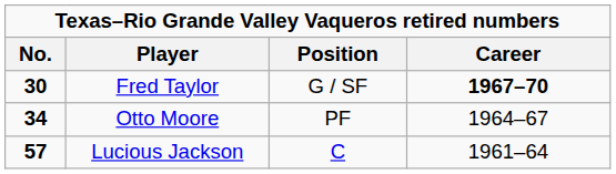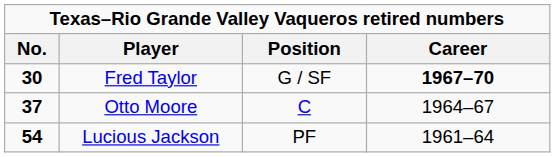 <table class="wikitable sortable" style="text-align:center">
 <tr>
 <td colspan="5"><strong>Texas–Rio Grande Valley Vaqueros retired numbers</strong></td>
 </tr>
 <tr>
 <th width=40px>No.</th>
 <th width=150px>Player</th>
 <th width=100px>Position</th>
 <th width=150px>Career</th>
 </tr>
 <tr>
 <td><strong>30</strong></td>
 <td><a href='#'>Fred Taylor</a></td>
 <td>G / SF</td>
 <td><strong>1967–70</strong></td>
 </tr>
 <tr>
-<td><strong>34</strong></td>
+<td><strong>37</strong></td>
 <td><a href='#'>Otto Moore</a></td>
-<td>PF</td>
+<td><a href='#'>C</a></td>
 <td>1964–67</td>
 </tr>
 <tr>
-<td><strong>57</strong></td>
+<td><strong>54</strong></td>
 <td><a href='#'>Lucious Jackson</a></td>
-<td><a href='#'>C</a></td>
+<td>PF</td>
 <td>1961–64</td>
 </tr>
 </table>
